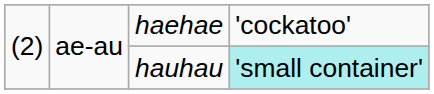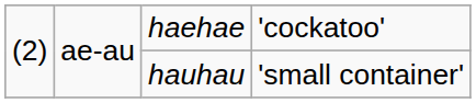 <table class="wikitable">
 <tr>
 <td rowspan="2">(2)</td>
 <td rowspan="2">ae-au</td>
 <td><em>haehae</em></td>
 <td>'cockatoo'</td>
 </tr>
 <tr>
 <td><em>hauhau</em></td>
-<td style="background: paleturquoise;">'small container'</td>
+<td>'small container'</td>
 </tr>
 </table>
